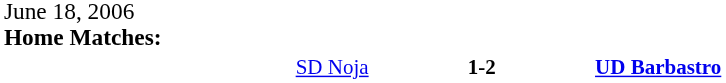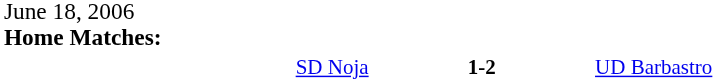 <table width=100% cellspacing=1>
 <tr>
 <th width=20%></th>
 <th width=12%></th>
 <th width=20%></th>
 <th></th>
 </tr>
 <tr>
 <td>June 18, 2006<br><strong>Home Matches:</strong></td>
 </tr>
 <tr style=font-size:90%>
 <td align=right><a href='#'>SD Noja</a></td>
 <td align=center><strong>1-2</strong></td>
-<td><strong><a href='#'>UD Barbastro</a></strong></td>
+<td><a href='#'>UD Barbastro</a></td>
 </tr>
 </table>
